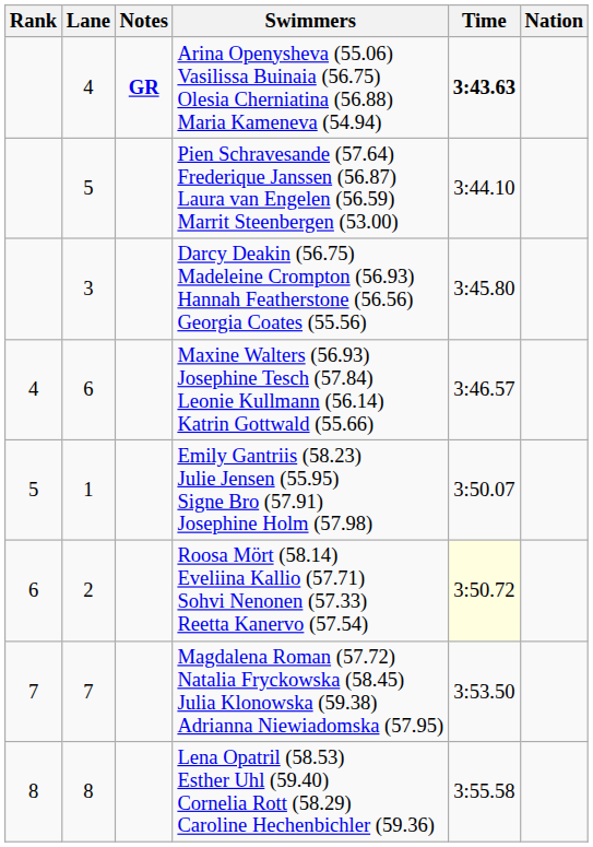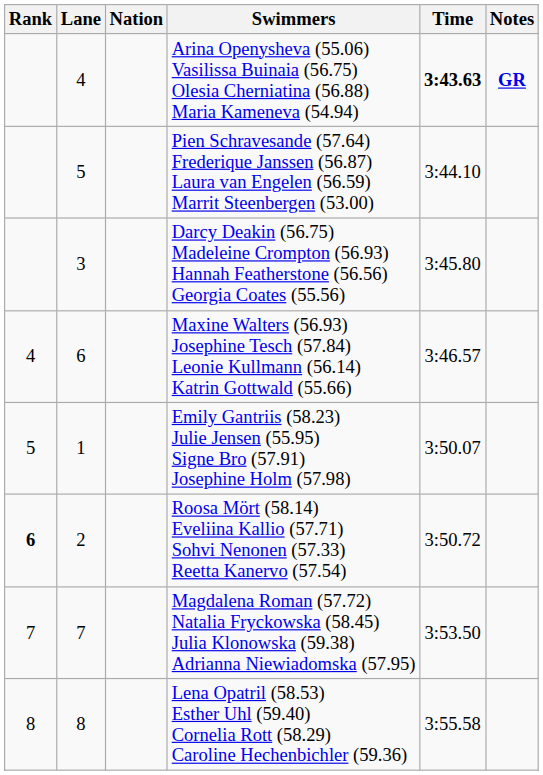 <table class="wikitable sortable" style="text-align:center">
 <tr>
 <th>Rank</th>
 <th>Lane</th>
-<th>Notes</th>
+<th>Nation</th>
 <th>Swimmers</th>
 <th>Time</th>
-<th>Nation</th>
+<th>Notes</th>
 </tr>
 <tr>
 <td></td>
 <td>4</td>
-<td><a href='#'><strong>GR</strong></a></td>
+<td align=left></td>
 <td align=left><a href='#'>Arina Openysheva</a> (55.06)<br><a href='#'>Vasilissa Buinaia</a> (56.75)<br><a href='#'>Olesia Cherniatina</a> (56.88)<br><a href='#'>Maria Kameneva</a> (54.94)</td>
 <td><strong>3:43.63</strong></td>
-<td align=left></td>
+<td><a href='#'><strong>GR</strong></a></td>
 </tr>
 <tr>
 <td></td>
 <td>5</td>
-<td></td>
+<td align=left></td>
 <td align=left><a href='#'>Pien Schravesande</a> (57.64)<br><a href='#'>Frederique Janssen</a> (56.87)<br><a href='#'>Laura van Engelen</a> (56.59)<br><a href='#'>Marrit Steenbergen</a> (53.00)</td>
 <td>3:44.10</td>
-<td align=left></td>
+<td></td>
 </tr>
 <tr>
 <td></td>
 <td>3</td>
-<td></td>
+<td align=left></td>
 <td align=left><a href='#'>Darcy Deakin</a> (56.75)<br><a href='#'>Madeleine Crompton</a> (56.93)<br><a href='#'>Hannah Featherstone</a> (56.56)<br><a href='#'>Georgia Coates</a> (55.56)</td>
 <td>3:45.80</td>
-<td align=left></td>
+<td></td>
 </tr>
 <tr>
 <td>4</td>
 <td>6</td>
-<td></td>
+<td align=left></td>
 <td align= left><a href='#'>Maxine Walters</a> (56.93)<br><a href='#'>Josephine Tesch</a> (57.84)<br><a href='#'>Leonie Kullmann</a> (56.14)<br><a href='#'>Katrin Gottwald</a> (55.66)</td>
 <td>3:46.57</td>
-<td align=left></td>
+<td></td>
 </tr>
 <tr>
 <td>5</td>
 <td>1</td>
-<td></td>
+<td align=left></td>
 <td align= left><a href='#'>Emily Gantriis</a> (58.23)<br><a href='#'>Julie Jensen</a> (55.95)<br><a href='#'>Signe Bro</a> (57.91)<br><a href='#'>Josephine Holm</a> (57.98)</td>
 <td>3:50.07</td>
-<td align=left></td>
+<td></td>
 </tr>
 <tr>
-<td>6</td>
+<td><strong>6</strong></td>
 <td>2</td>
+<td align=left></td>
+<td align= left><a href='#'>Roosa Mört</a> (58.14)<br><a href='#'>Eveliina Kallio</a> (57.71)<br><a href='#'>Sohvi Nenonen</a> (57.33)<br><a href='#'>Reetta Kanervo</a> (57.54)</td>
+<td>3:50.72</td>
 <td></td>
-<td align= left><a href='#'>Roosa Mört</a> (58.14)<br><a href='#'>Eveliina Kallio</a> (57.71)<br><a href='#'>Sohvi Nenonen</a> (57.33)<br><a href='#'>Reetta Kanervo</a> (57.54)</td>
-<td style="background: lightyellow;">3:50.72</td>
-<td align=left></td>
 </tr>
 <tr>
 <td>7</td>
 <td>7</td>
-<td></td>
+<td align=left></td>
 <td align= left><a href='#'>Magdalena Roman</a> (57.72)<br><a href='#'>Natalia Fryckowska</a> (58.45)<br><a href='#'>Julia Klonowska</a> (59.38)<br><a href='#'>Adrianna Niewiadomska</a> (57.95)</td>
 <td>3:53.50</td>
-<td align=left></td>
+<td></td>
 </tr>
 <tr>
 <td>8</td>
 <td>8</td>
-<td></td>
+<td align=left></td>
 <td align= left><a href='#'>Lena Opatril</a> (58.53)<br><a href='#'>Esther Uhl</a> (59.40)<br><a href='#'>Cornelia Rott</a> (58.29)<br><a href='#'>Caroline Hechenbichler</a> (59.36)</td>
 <td>3:55.58</td>
-<td align=left></td>
+<td></td>
 </tr>
 </table>
